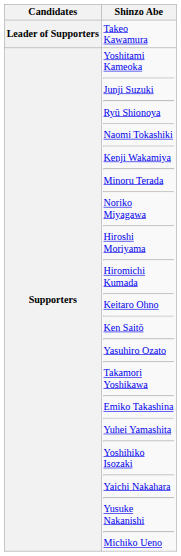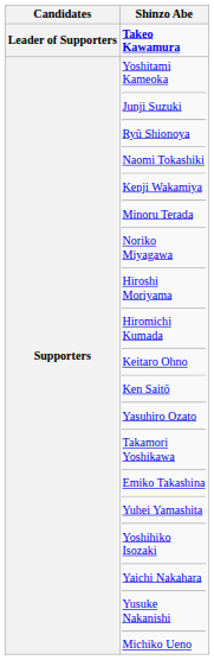 <table class="wikitable">
 <tr>
 <th>Candidates</th>
 <th style="width:7em;">Shinzo Abe</th>
 </tr>
 <tr>
 <th>Leader of Supporters</th>
-<td><a href='#'>Takeo Kawamura</a></td>
+<td><strong><a href='#'>Takeo Kawamura</a></strong></td>
 </tr>
 <tr>
 <th>Supporters</th>
 <td><a href='#'>Yoshitami Kameoka</a><hr><a href='#'>Junji Suzuki</a><hr><a href='#'>Ryū Shionoya</a><hr><a href='#'>Naomi Tokashiki</a><hr><a href='#'>Kenji Wakamiya</a><hr><a href='#'>Minoru Terada</a><hr><a href='#'>Noriko Miyagawa</a><hr><a href='#'>Hiroshi Moriyama</a><hr><a href='#'>Hiromichi Kumada</a><hr><a href='#'>Keitaro Ohno</a><hr><a href='#'>Ken Saitō</a><hr><a href='#'>Yasuhiro Ozato</a><hr><a href='#'>Takamori Yoshikawa</a><hr><a href='#'>Emiko Takashina</a><hr><a href='#'>Yuhei Yamashita</a><hr><a href='#'>Yoshihiko Isozaki</a><hr><a href='#'>Yaichi Nakahara</a><hr><a href='#'>Yusuke Nakanishi</a><hr><a href='#'>Michiko Ueno</a></td>
 </tr>
 </table>
